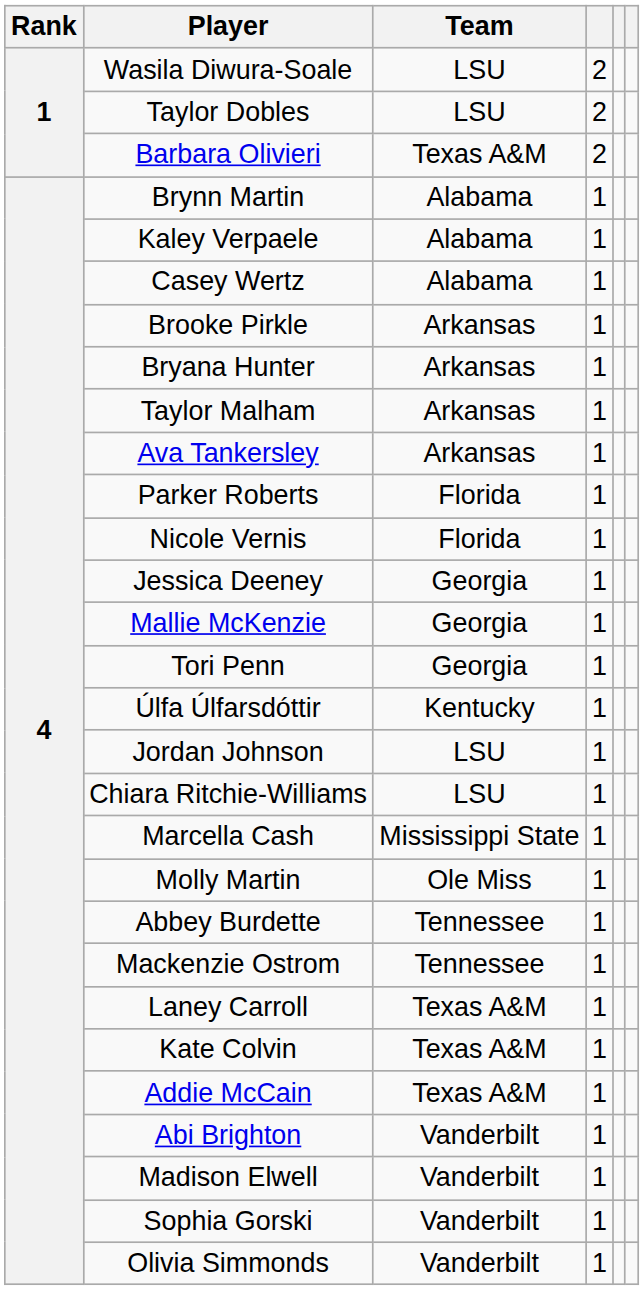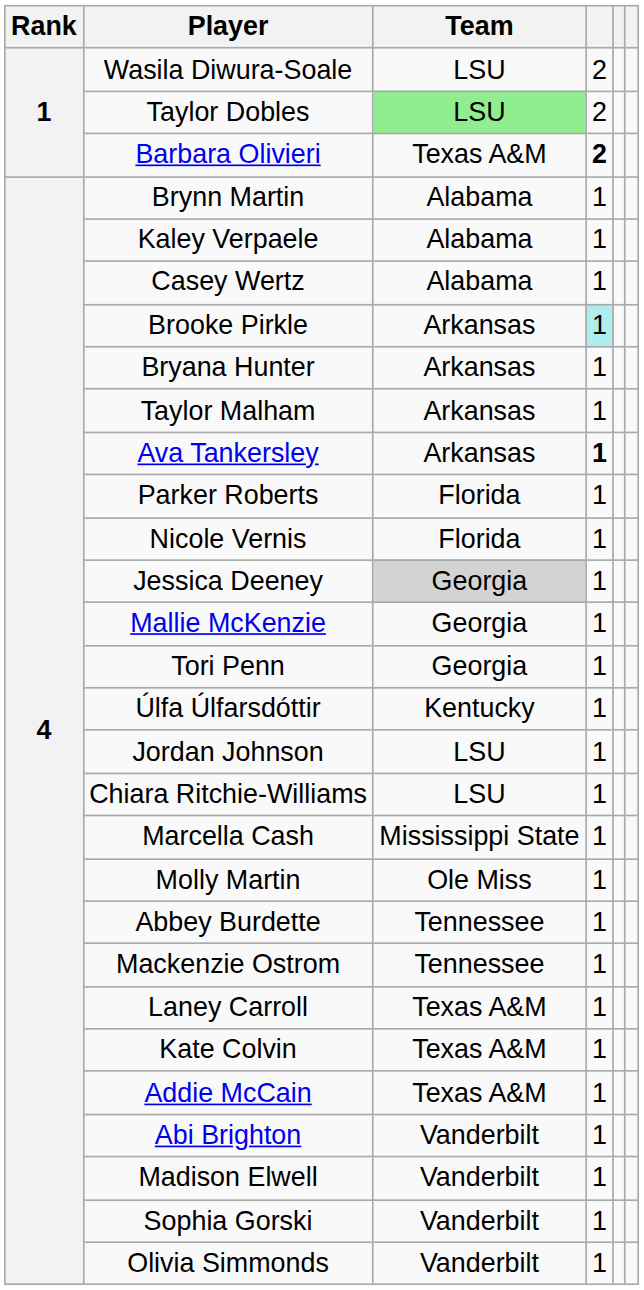 <table class="wikitable" style="text-align:center; display: inline-table">
 <tr>
 <th>Rank</th>
 <th>Player</th>
 <th>Team</th>
 <th></th>
 <th></th>
 <th></th>
 </tr>
 <tr>
 <th scope="row" rowspan=3>1</th>
 <td>Wasila Diwura-Soale</td>
 <td>LSU</td>
 <td>2</td>
 <td></td>
 <td></td>
 </tr>
 <tr>
 <td>Taylor Dobles</td>
-<td>LSU</td>
+<td style="background: lightgreen;">LSU</td>
 <td>2</td>
 <td></td>
 <td></td>
 </tr>
 <tr>
 <td><a href='#'>Barbara Olivieri</a></td>
 <td>Texas A&M</td>
-<td>2</td>
+<td><strong>2</strong></td>
 <td></td>
 <td></td>
 </tr>
 <tr>
 <th scope="row" rowspan=26>4</th>
 <td>Brynn Martin</td>
 <td>Alabama</td>
 <td>1</td>
 <td></td>
 <td></td>
 </tr>
 <tr>
 <td>Kaley Verpaele</td>
 <td>Alabama</td>
 <td>1</td>
 <td></td>
 <td></td>
 </tr>
 <tr>
 <td>Casey Wertz</td>
 <td>Alabama</td>
 <td>1</td>
 <td></td>
 <td></td>
 </tr>
 <tr>
 <td>Brooke Pirkle</td>
 <td>Arkansas</td>
-<td>1</td>
+<td style="background: paleturquoise;">1</td>
 <td></td>
 <td></td>
 </tr>
 <tr>
 <td>Bryana Hunter</td>
 <td>Arkansas</td>
 <td>1</td>
 <td></td>
 <td></td>
 </tr>
 <tr>
 <td>Taylor Malham</td>
 <td>Arkansas</td>
 <td>1</td>
 <td></td>
 <td></td>
 </tr>
 <tr>
 <td><a href='#'>Ava Tankersley</a></td>
 <td>Arkansas</td>
-<td>1</td>
+<td><strong>1</strong></td>
 <td></td>
 <td></td>
 </tr>
 <tr>
 <td>Parker Roberts</td>
 <td>Florida</td>
 <td>1</td>
 <td></td>
 <td></td>
 </tr>
 <tr>
 <td>Nicole Vernis</td>
 <td>Florida</td>
 <td>1</td>
 <td></td>
 <td></td>
 </tr>
 <tr>
 <td>Jessica Deeney</td>
-<td>Georgia</td>
+<td style="background: lightgrey;">Georgia</td>
 <td>1</td>
 <td></td>
 <td></td>
 </tr>
 <tr>
 <td><a href='#'>Mallie McKenzie</a></td>
 <td>Georgia</td>
 <td>1</td>
 <td></td>
 <td></td>
 </tr>
 <tr>
 <td>Tori Penn</td>
 <td>Georgia</td>
 <td>1</td>
 <td></td>
 <td></td>
 </tr>
 <tr>
 <td>Úlfa Úlfarsdóttir</td>
 <td>Kentucky</td>
 <td>1</td>
 <td></td>
 <td></td>
 </tr>
 <tr>
 <td>Jordan Johnson</td>
 <td>LSU</td>
 <td>1</td>
 <td></td>
 <td></td>
 </tr>
 <tr>
 <td>Chiara Ritchie-Williams</td>
 <td>LSU</td>
 <td>1</td>
 <td></td>
 <td></td>
 </tr>
 <tr>
 <td>Marcella Cash</td>
 <td>Mississippi State</td>
 <td>1</td>
 <td></td>
 <td></td>
 </tr>
 <tr>
 <td>Molly Martin</td>
 <td>Ole Miss</td>
 <td>1</td>
 <td></td>
 <td></td>
 </tr>
 <tr>
 <td>Abbey Burdette</td>
 <td>Tennessee</td>
 <td>1</td>
 <td></td>
 <td></td>
 </tr>
 <tr>
 <td>Mackenzie Ostrom</td>
 <td>Tennessee</td>
 <td>1</td>
 <td></td>
 <td></td>
 </tr>
 <tr>
 <td>Laney Carroll</td>
 <td>Texas A&M</td>
 <td>1</td>
 <td></td>
 <td></td>
 </tr>
 <tr>
 <td>Kate Colvin</td>
 <td>Texas A&M</td>
 <td>1</td>
 <td></td>
 <td></td>
 </tr>
 <tr>
 <td><a href='#'>Addie McCain</a></td>
 <td>Texas A&M</td>
 <td>1</td>
 <td></td>
 <td></td>
 </tr>
 <tr>
 <td><a href='#'>Abi Brighton</a></td>
 <td>Vanderbilt</td>
 <td>1</td>
 <td></td>
 <td></td>
 </tr>
 <tr>
 <td>Madison Elwell</td>
 <td>Vanderbilt</td>
 <td>1</td>
 <td></td>
 <td></td>
 </tr>
 <tr>
 <td>Sophia Gorski</td>
 <td>Vanderbilt</td>
 <td>1</td>
 <td></td>
 <td></td>
 </tr>
 <tr>
 <td>Olivia Simmonds</td>
 <td>Vanderbilt</td>
 <td>1</td>
 <td></td>
 <td></td>
 </tr>
 </table>
